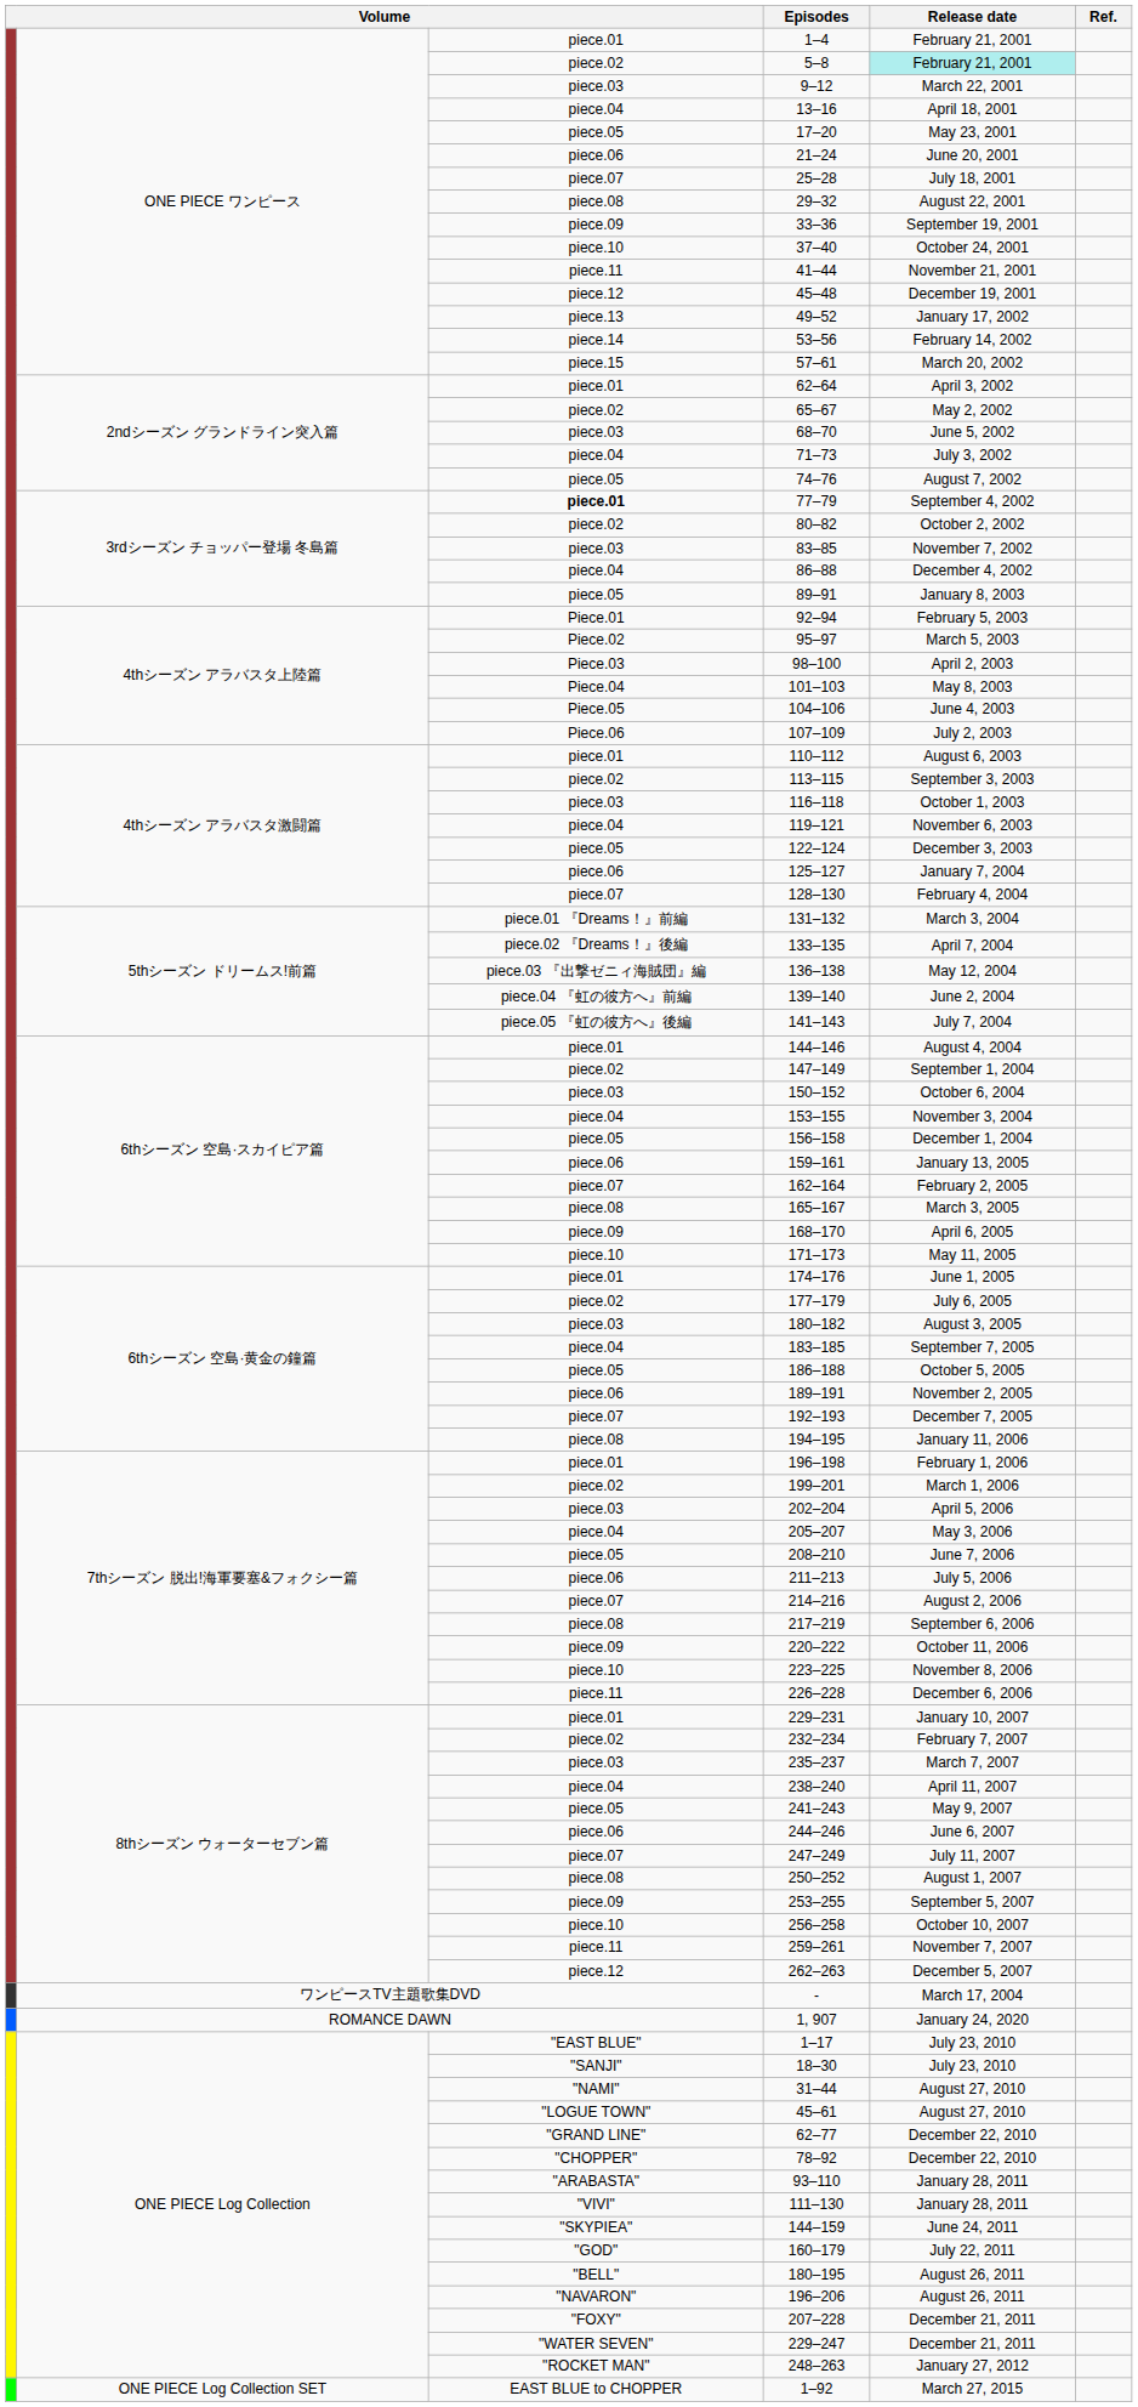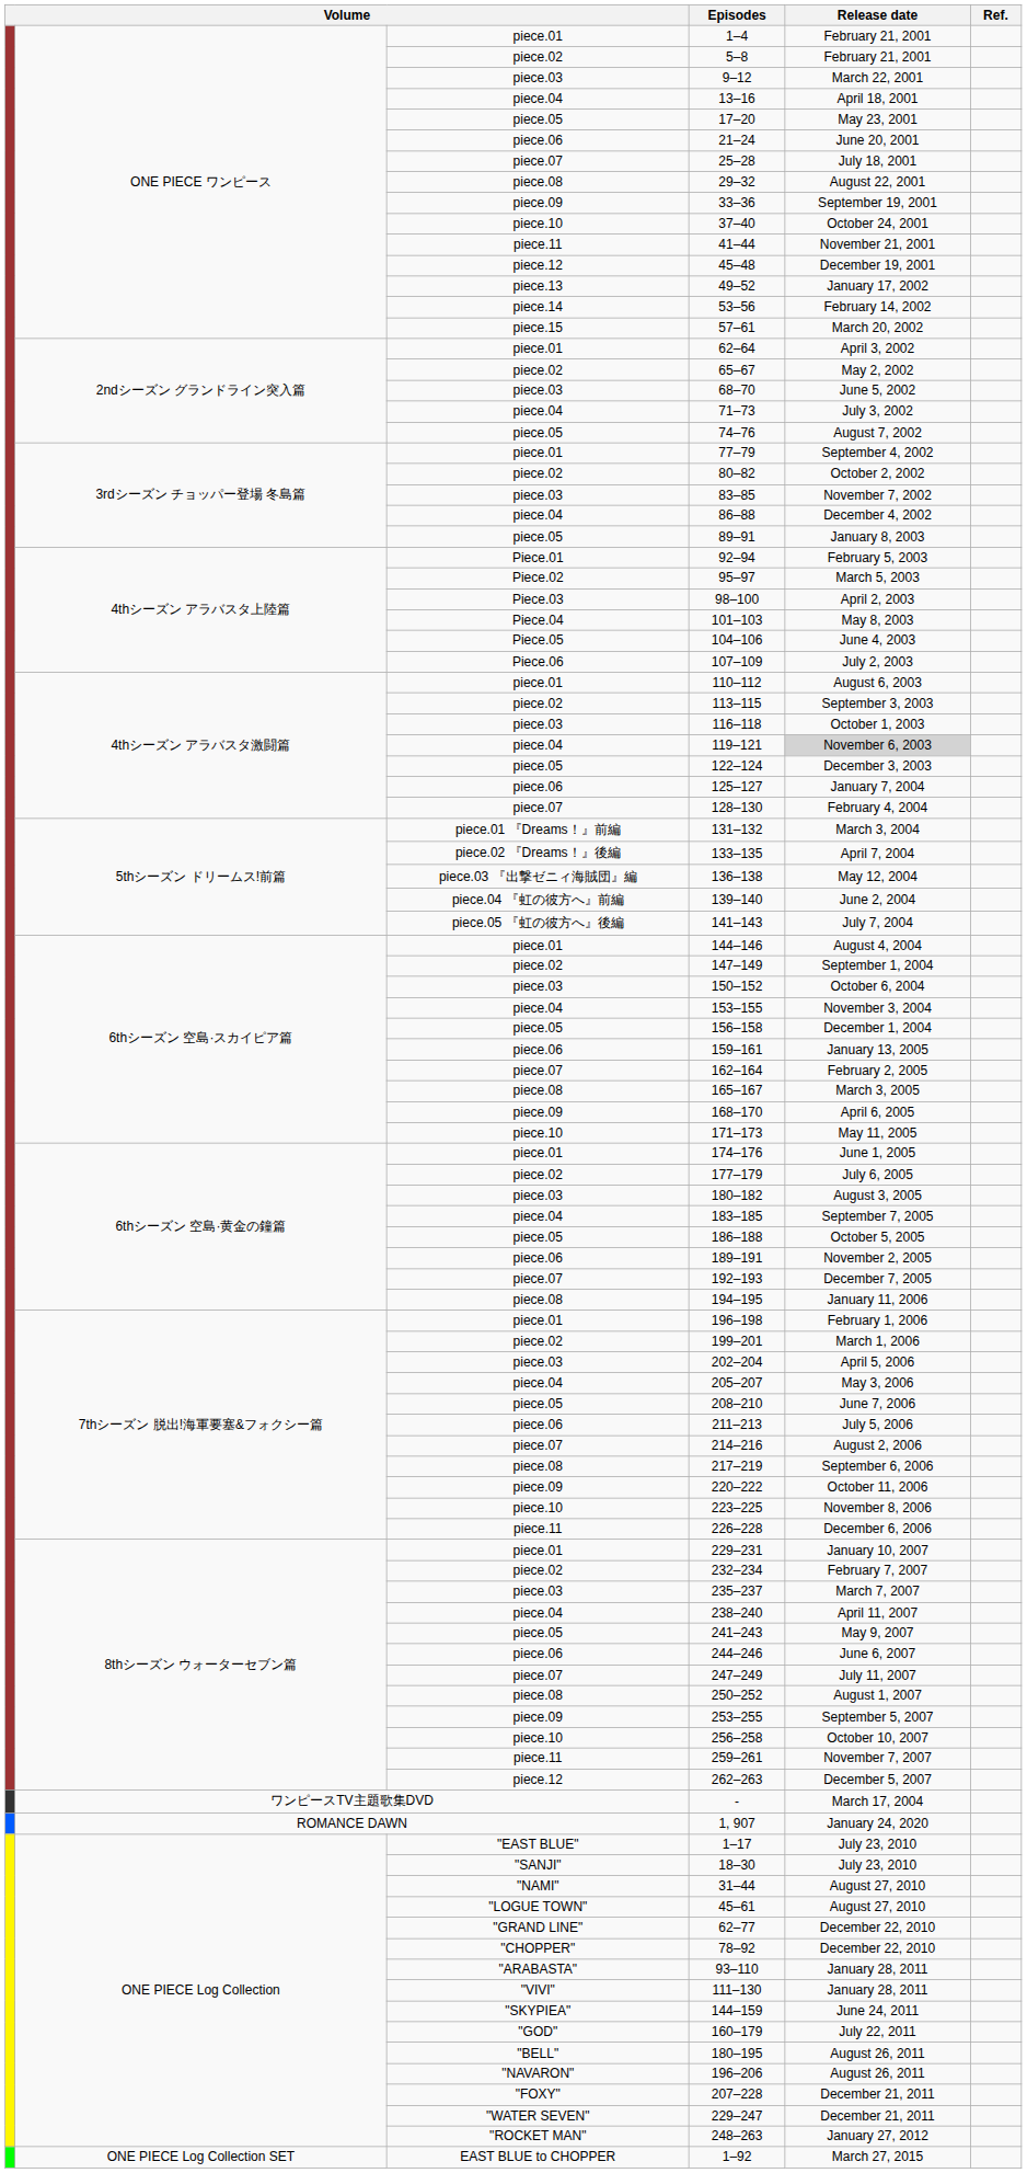 <table class="wikitable" style="text-align: center; width: 98%;">
 <tr>
 <th colspan="3">Volume</th>
 <th>Episodes</th>
 <th>Release date</th>
 <th style="width:5%;">Ref.</th>
 </tr>
 <tr>
 <td rowspan="84" style="width:1%; background:#9C3234;"></td>
 <td rowspan="15">ONE PIECE ワンピース</td>
 <td>piece.01</td>
 <td>1–4</td>
 <td>February 21, 2001</td>
 <td></td>
 </tr>
 <tr>
 <td>piece.02</td>
 <td>5–8</td>
-<td style="background: paleturquoise;">February 21, 2001</td>
+<td>February 21, 2001</td>
 <td></td>
 </tr>
 <tr>
 <td>piece.03</td>
 <td>9–12</td>
 <td>March 22, 2001</td>
 <td></td>
 </tr>
 <tr>
 <td>piece.04</td>
 <td>13–16</td>
 <td>April 18, 2001</td>
 <td></td>
 </tr>
 <tr>
 <td>piece.05</td>
 <td>17–20</td>
 <td>May 23, 2001</td>
 <td></td>
 </tr>
 <tr>
 <td>piece.06</td>
 <td>21–24</td>
 <td>June 20, 2001</td>
 <td></td>
 </tr>
 <tr>
 <td>piece.07</td>
 <td>25–28</td>
 <td>July 18, 2001</td>
 <td></td>
 </tr>
 <tr>
 <td>piece.08</td>
 <td>29–32</td>
 <td>August 22, 2001</td>
 <td></td>
 </tr>
 <tr>
 <td>piece.09</td>
 <td>33–36</td>
 <td>September 19, 2001</td>
 <td></td>
 </tr>
 <tr>
 <td>piece.10</td>
 <td>37–40</td>
 <td>October 24, 2001</td>
 <td></td>
 </tr>
 <tr>
 <td>piece.11</td>
 <td>41–44</td>
 <td>November 21, 2001</td>
 <td></td>
 </tr>
 <tr>
 <td>piece.12</td>
 <td>45–48</td>
 <td>December 19, 2001</td>
 <td></td>
 </tr>
 <tr>
 <td>piece.13</td>
 <td>49–52</td>
 <td>January 17, 2002</td>
 <td></td>
 </tr>
 <tr>
 <td>piece.14</td>
 <td>53–56</td>
 <td>February 14, 2002</td>
 <td></td>
 </tr>
 <tr>
 <td>piece.15</td>
 <td>57–61</td>
 <td>March 20, 2002</td>
 <td></td>
 </tr>
 <tr>
 <td rowspan="5">2ndシーズン グランドライン突入篇</td>
 <td>piece.01</td>
 <td>62–64</td>
 <td>April 3, 2002</td>
 <td></td>
 </tr>
 <tr>
 <td>piece.02</td>
 <td>65–67</td>
 <td>May 2, 2002</td>
 <td></td>
 </tr>
 <tr>
 <td>piece.03</td>
 <td>68–70</td>
 <td>June 5, 2002</td>
 <td></td>
 </tr>
 <tr>
 <td>piece.04</td>
 <td>71–73</td>
 <td>July 3, 2002</td>
 <td></td>
 </tr>
 <tr>
 <td>piece.05</td>
 <td>74–76</td>
 <td>August 7, 2002</td>
 <td></td>
 </tr>
 <tr>
 <td rowspan="5">3rdシーズン チョッパー登場 冬島篇</td>
-<td><strong>piece.01</strong></td>
+<td>piece.01</td>
 <td>77–79</td>
 <td>September 4, 2002</td>
 <td></td>
 </tr>
 <tr>
 <td>piece.02</td>
 <td>80–82</td>
 <td>October 2, 2002</td>
 <td></td>
 </tr>
 <tr>
 <td>piece.03</td>
 <td>83–85</td>
 <td>November 7, 2002</td>
 <td></td>
 </tr>
 <tr>
 <td>piece.04</td>
 <td>86–88</td>
 <td>December 4, 2002</td>
 <td></td>
 </tr>
 <tr>
 <td>piece.05</td>
 <td>89–91</td>
 <td>January 8, 2003</td>
 <td></td>
 </tr>
 <tr>
 <td rowspan="6">4thシーズン アラバスタ上陸篇</td>
 <td>Piece.01</td>
 <td>92–94</td>
 <td>February 5, 2003</td>
 <td></td>
 </tr>
 <tr>
 <td>Piece.02</td>
 <td>95–97</td>
 <td>March 5, 2003</td>
 <td></td>
 </tr>
 <tr>
 <td>Piece.03</td>
 <td>98–100</td>
 <td>April 2, 2003</td>
 <td></td>
 </tr>
 <tr>
 <td>Piece.04</td>
 <td>101–103</td>
 <td>May 8, 2003</td>
 <td></td>
 </tr>
 <tr>
 <td>Piece.05</td>
 <td>104–106</td>
 <td>June 4, 2003</td>
 <td></td>
 </tr>
 <tr>
 <td>Piece.06</td>
 <td>107–109</td>
 <td>July 2, 2003</td>
 <td></td>
 </tr>
 <tr>
 <td rowspan="7">4thシーズン アラバスタ激闘篇</td>
 <td>piece.01</td>
 <td>110–112</td>
 <td>August 6, 2003</td>
 <td></td>
 </tr>
 <tr>
 <td>piece.02</td>
 <td>113–115</td>
 <td>September 3, 2003</td>
 <td></td>
 </tr>
 <tr>
 <td>piece.03</td>
 <td>116–118</td>
 <td>October 1, 2003</td>
 <td></td>
 </tr>
 <tr>
 <td>piece.04</td>
 <td>119–121</td>
-<td>November 6, 2003</td>
+<td style="background: lightgrey;">November 6, 2003</td>
 <td></td>
 </tr>
 <tr>
 <td>piece.05</td>
 <td>122–124</td>
 <td>December 3, 2003</td>
 <td></td>
 </tr>
 <tr>
 <td>piece.06</td>
 <td>125–127</td>
 <td>January 7, 2004</td>
 <td></td>
 </tr>
 <tr>
 <td>piece.07</td>
 <td>128–130</td>
 <td>February 4, 2004</td>
 <td></td>
 </tr>
 <tr>
 <td rowspan="5">5thシーズン ドリームス!前篇</td>
 <td>piece.01 『Dreams！』前編</td>
 <td>131–132</td>
 <td>March 3, 2004</td>
 <td></td>
 </tr>
 <tr>
 <td>piece.02 『Dreams！』後編</td>
 <td>133–135</td>
 <td>April 7, 2004</td>
 <td></td>
 </tr>
 <tr>
 <td>piece.03 『出撃ゼニィ海賊団』編</td>
 <td>136–138</td>
 <td>May 12, 2004</td>
 <td></td>
 </tr>
 <tr>
 <td>piece.04 『虹の彼方へ』前編</td>
 <td>139–140</td>
 <td>June 2, 2004</td>
 <td></td>
 </tr>
 <tr>
 <td>piece.05 『虹の彼方へ』後編</td>
 <td>141–143</td>
 <td>July 7, 2004</td>
 <td></td>
 </tr>
 <tr>
 <td rowspan="10">6thシーズン 空島·スカイピア篇</td>
 <td>piece.01</td>
 <td>144–146</td>
 <td>August 4, 2004</td>
 <td></td>
 </tr>
 <tr>
 <td>piece.02</td>
 <td>147–149</td>
 <td>September 1, 2004</td>
 <td></td>
 </tr>
 <tr>
 <td>piece.03</td>
 <td>150–152</td>
 <td>October 6, 2004</td>
 <td></td>
 </tr>
 <tr>
 <td>piece.04</td>
 <td>153–155</td>
 <td>November 3, 2004</td>
 <td></td>
 </tr>
 <tr>
 <td>piece.05</td>
 <td>156–158</td>
 <td>December 1, 2004</td>
 <td></td>
 </tr>
 <tr>
 <td>piece.06</td>
 <td>159–161</td>
 <td>January 13, 2005</td>
 <td></td>
 </tr>
 <tr>
 <td>piece.07</td>
 <td>162–164</td>
 <td>February 2, 2005</td>
 <td></td>
 </tr>
 <tr>
 <td>piece.08</td>
 <td>165–167</td>
 <td>March 3, 2005</td>
 <td></td>
 </tr>
 <tr>
 <td>piece.09</td>
 <td>168–170</td>
 <td>April 6, 2005</td>
 <td></td>
 </tr>
 <tr>
 <td>piece.10</td>
 <td>171–173</td>
 <td>May 11, 2005</td>
 <td></td>
 </tr>
 <tr>
 <td rowspan="8">6thシーズン 空島·黄金の鐘篇</td>
 <td>piece.01</td>
 <td>174–176</td>
 <td>June 1, 2005</td>
 <td></td>
 </tr>
 <tr>
 <td>piece.02</td>
 <td>177–179</td>
 <td>July 6, 2005</td>
 <td></td>
 </tr>
 <tr>
 <td>piece.03</td>
 <td>180–182</td>
 <td>August 3, 2005</td>
 <td></td>
 </tr>
 <tr>
 <td>piece.04</td>
 <td>183–185</td>
 <td>September 7, 2005</td>
 <td></td>
 </tr>
 <tr>
 <td>piece.05</td>
 <td>186–188</td>
 <td>October 5, 2005</td>
 <td></td>
 </tr>
 <tr>
 <td>piece.06</td>
 <td>189–191</td>
 <td>November 2, 2005</td>
 <td></td>
 </tr>
 <tr>
 <td>piece.07</td>
 <td>192–193</td>
 <td>December 7, 2005</td>
 <td></td>
 </tr>
 <tr>
 <td>piece.08</td>
 <td>194–195</td>
 <td>January 11, 2006</td>
 <td></td>
 </tr>
 <tr>
 <td rowspan="11">7thシーズン 脱出!海軍要塞&フォクシー篇</td>
 <td>piece.01</td>
 <td>196–198</td>
 <td>February 1, 2006</td>
 <td></td>
 </tr>
 <tr>
 <td>piece.02</td>
 <td>199–201</td>
 <td>March 1, 2006</td>
 <td></td>
 </tr>
 <tr>
 <td>piece.03</td>
 <td>202–204</td>
 <td>April 5, 2006</td>
 <td></td>
 </tr>
 <tr>
 <td>piece.04</td>
 <td>205–207</td>
 <td>May 3, 2006</td>
 <td></td>
 </tr>
 <tr>
 <td>piece.05</td>
 <td>208–210</td>
 <td>June 7, 2006</td>
 <td></td>
 </tr>
 <tr>
 <td>piece.06</td>
 <td>211–213</td>
 <td>July 5, 2006</td>
 <td></td>
 </tr>
 <tr>
 <td>piece.07</td>
 <td>214–216</td>
 <td>August 2, 2006</td>
 <td></td>
 </tr>
 <tr>
 <td>piece.08</td>
 <td>217–219</td>
 <td>September 6, 2006</td>
 <td></td>
 </tr>
 <tr>
 <td>piece.09</td>
 <td>220–222</td>
 <td>October 11, 2006</td>
 <td></td>
 </tr>
 <tr>
 <td>piece.10</td>
 <td>223–225</td>
 <td>November 8, 2006</td>
 <td></td>
 </tr>
 <tr>
 <td>piece.11</td>
 <td>226–228</td>
 <td>December 6, 2006</td>
 <td></td>
 </tr>
 <tr>
 <td rowspan="12">8thシーズン ウォーターセブン篇</td>
 <td>piece.01</td>
 <td>229–231</td>
 <td>January 10, 2007</td>
 <td></td>
 </tr>
 <tr>
 <td>piece.02</td>
 <td>232–234</td>
 <td>February 7, 2007</td>
 <td></td>
 </tr>
 <tr>
 <td>piece.03</td>
 <td>235–237</td>
 <td>March 7, 2007</td>
 <td></td>
 </tr>
 <tr>
 <td>piece.04</td>
 <td>238–240</td>
 <td>April 11, 2007</td>
 <td></td>
 </tr>
 <tr>
 <td>piece.05</td>
 <td>241–243</td>
 <td>May 9, 2007</td>
 <td></td>
 </tr>
 <tr>
 <td>piece.06</td>
 <td>244–246</td>
 <td>June 6, 2007</td>
 <td></td>
 </tr>
 <tr>
 <td>piece.07</td>
 <td>247–249</td>
 <td>July 11, 2007</td>
 <td></td>
 </tr>
 <tr>
 <td>piece.08</td>
 <td>250–252</td>
 <td>August 1, 2007</td>
 <td></td>
 </tr>
 <tr>
 <td>piece.09</td>
 <td>253–255</td>
 <td>September 5, 2007</td>
 <td></td>
 </tr>
 <tr>
 <td>piece.10</td>
 <td>256–258</td>
 <td>October 10, 2007</td>
 <td></td>
 </tr>
 <tr>
 <td>piece.11</td>
 <td>259–261</td>
 <td>November 7, 2007</td>
 <td></td>
 </tr>
 <tr>
 <td>piece.12</td>
 <td>262–263</td>
 <td>December 5, 2007</td>
 <td></td>
 </tr>
 <tr>
 <td style="width:1%; background:#323232;"></td>
 <td colspan="2">ワンピースTV主題歌集DVD</td>
 <td>- </td>
 <td>March 17, 2004</td>
 <td></td>
 </tr>
 <tr>
 <td style="width:1%; background:#005bff;"></td>
 <td colspan="2">ROMANCE DAWN</td>
 <td>1, 907</td>
 <td>January 24, 2020</td>
 <td></td>
 </tr>
 <tr>
 <td rowspan="15" style="width:1%; background:#fff600;"></td>
 <td rowspan="15">ONE PIECE Log Collection</td>
 <td>"EAST BLUE"</td>
 <td>1–17</td>
 <td>July 23, 2010</td>
 <td></td>
 </tr>
 <tr>
 <td>"SANJI"</td>
 <td>18–30</td>
 <td>July 23, 2010</td>
 <td></td>
 </tr>
 <tr>
 <td>"NAMI"</td>
 <td>31–44</td>
 <td>August 27, 2010</td>
 <td></td>
 </tr>
 <tr>
 <td>"LOGUE TOWN"</td>
 <td>45–61</td>
 <td>August 27, 2010</td>
 <td></td>
 </tr>
 <tr>
 <td>"GRAND LINE"</td>
 <td>62–77</td>
 <td>December 22, 2010</td>
 <td></td>
 </tr>
 <tr>
 <td>"CHOPPER"</td>
 <td>78–92</td>
 <td>December 22, 2010</td>
 <td></td>
 </tr>
 <tr>
 <td>"ARABASTA"</td>
 <td>93–110</td>
 <td>January 28, 2011</td>
 <td></td>
 </tr>
 <tr>
 <td>"VIVI"</td>
 <td>111–130</td>
 <td>January 28, 2011</td>
 <td></td>
 </tr>
 <tr>
 <td>"SKYPIEA"</td>
 <td>144–159</td>
 <td>June 24, 2011</td>
 <td></td>
 </tr>
 <tr>
 <td>"GOD"</td>
 <td>160–179</td>
 <td>July 22, 2011</td>
 <td></td>
 </tr>
 <tr>
 <td>"BELL"</td>
 <td>180–195</td>
 <td>August 26, 2011</td>
 <td></td>
 </tr>
 <tr>
 <td>"NAVARON"</td>
 <td>196–206</td>
 <td>August 26, 2011</td>
 <td></td>
 </tr>
 <tr>
 <td>"FOXY"</td>
 <td>207–228</td>
 <td>December 21, 2011</td>
 <td></td>
 </tr>
 <tr>
 <td>"WATER SEVEN"</td>
 <td>229–247</td>
 <td>December 21, 2011</td>
 <td></td>
 </tr>
 <tr>
 <td>"ROCKET MAN"</td>
 <td>248–263</td>
 <td>January 27, 2012</td>
 <td></td>
 </tr>
 <tr>
 <td style="width:1%; background:#00ff00;"></td>
 <td>ONE PIECE Log Collection SET</td>
 <td>EAST BLUE to CHOPPER</td>
 <td>1–92</td>
 <td>March 27, 2015</td>
 <td></td>
 </tr>
 </table>
